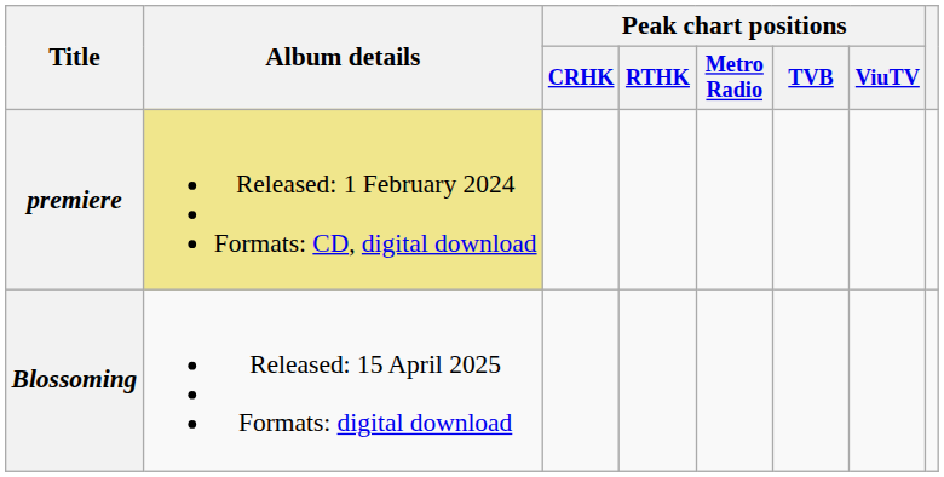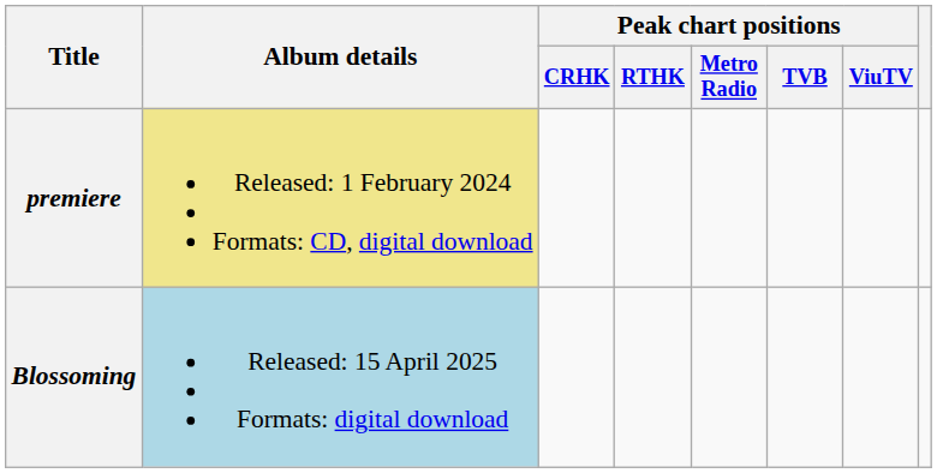 <table class="wikitable plainrowheaders" style="text-align:center;">
 <tr>
 <th scope="col" rowspan="2">Title</th>
 <th scope="col" rowspan="2">Album details</th>
 <th scope="col" colspan="5">Peak chart positions</th>
 <th scope="col" rowspan="2"></th>
 </tr>
 <tr>
 <th style="width:3em;font-size:85%"><a href='#'>CRHK</a></th>
 <th style="width:3em;font-size:85%"><a href='#'>RTHK</a></th>
 <th style="width:3em;font-size:85%"><a href='#'>Metro Radio</a></th>
 <th style="width:3em;font-size:85%"><a href='#'>TVB</a></th>
 <th style="width:3em;font-size:85%"><a href='#'>ViuTV</a></th>
 </tr>
 <tr>
 <th scope="row"><em>premiere</em></th>
 <td style="background: khaki;"><br><ul><li>Released: 1 February 2024</li><li></li><li>Formats: <a href='#'>CD</a>, <a href='#'>digital download</a></li></ul></td>
 <td></td>
 <td></td>
 <td></td>
 <td></td>
 <td></td>
 <td></td>
 </tr>
 <tr>
 <th scope="row"><em>Blossoming</em></th>
-<td><br><ul><li>Released: 15 April 2025</li><li></li><li>Formats: <a href='#'>digital download</a></li></ul></td>
+<td style="background: lightblue;"><br><ul><li>Released: 15 April 2025</li><li></li><li>Formats: <a href='#'>digital download</a></li></ul></td>
 <td></td>
 <td></td>
 <td></td>
 <td></td>
 <td></td>
 <td></td>
 </tr>
 </table>
